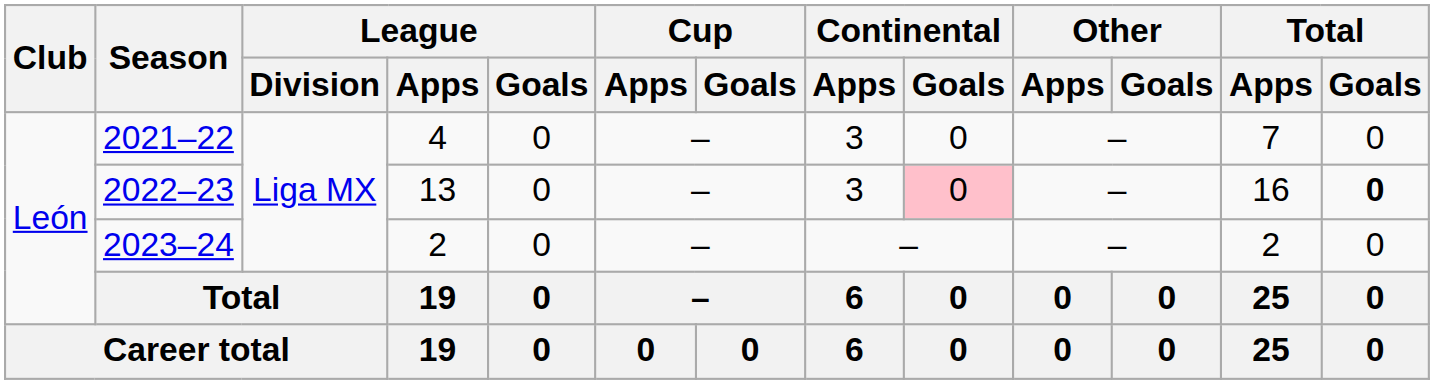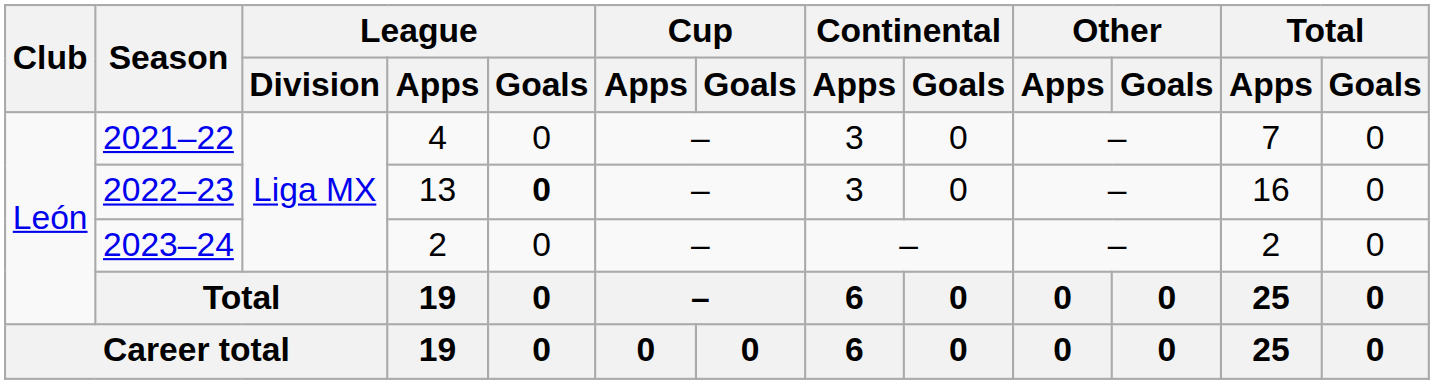 <table class="wikitable" style="text-align: center">
 <tr>
 <th rowspan="2">Club</th>
 <th rowspan="2">Season</th>
 <th colspan="3">League</th>
 <th colspan="2">Cup</th>
 <th colspan="2">Continental</th>
 <th colspan="2">Other</th>
 <th colspan="2">Total</th>
 </tr>
 <tr>
 <th>Division</th>
 <th>Apps</th>
 <th>Goals</th>
 <th>Apps</th>
 <th>Goals</th>
 <th>Apps</th>
 <th>Goals</th>
 <th>Apps</th>
 <th>Goals</th>
 <th>Apps</th>
 <th>Goals</th>
 </tr>
 <tr>
 <td rowspan="4"><a href='#'>León</a></td>
 <td><a href='#'>2021–22</a></td>
 <td rowspan="3"><a href='#'>Liga MX</a></td>
 <td>4</td>
 <td>0</td>
 <td colspan="2">–</td>
 <td>3</td>
 <td>0</td>
 <td colspan="2">–</td>
 <td>7</td>
 <td>0</td>
 </tr>
 <tr>
 <td><a href='#'>2022–23</a></td>
 <td>13</td>
+<td><strong>0</strong></td>
+<td colspan="2">–</td>
+<td>3</td>
 <td>0</td>
 <td colspan="2">–</td>
-<td>3</td>
-<td style="background: pink;">0</td>
-<td colspan="2">–</td>
 <td>16</td>
-<td><strong>0</strong></td>
+<td>0</td>
 </tr>
 <tr>
 <td><a href='#'>2023–24</a></td>
 <td>2</td>
 <td>0</td>
 <td colspan="2">–</td>
 <td colspan="2">–</td>
 <td colspan="2">–</td>
 <td>2</td>
 <td>0</td>
 </tr>
 <tr>
 <th colspan="2">Total</th>
 <th>19</th>
 <th>0</th>
 <th colspan="2">–</th>
 <th>6</th>
 <th>0</th>
 <th>0</th>
 <th>0</th>
 <th>25</th>
 <th>0</th>
 </tr>
 <tr>
 <th colspan="3"><strong>Career total</strong></th>
 <th>19</th>
 <th>0</th>
 <th>0</th>
 <th>0</th>
 <th>6</th>
 <th>0</th>
 <th>0</th>
 <th>0</th>
 <th>25</th>
 <th>0</th>
 </tr>
 </table>
